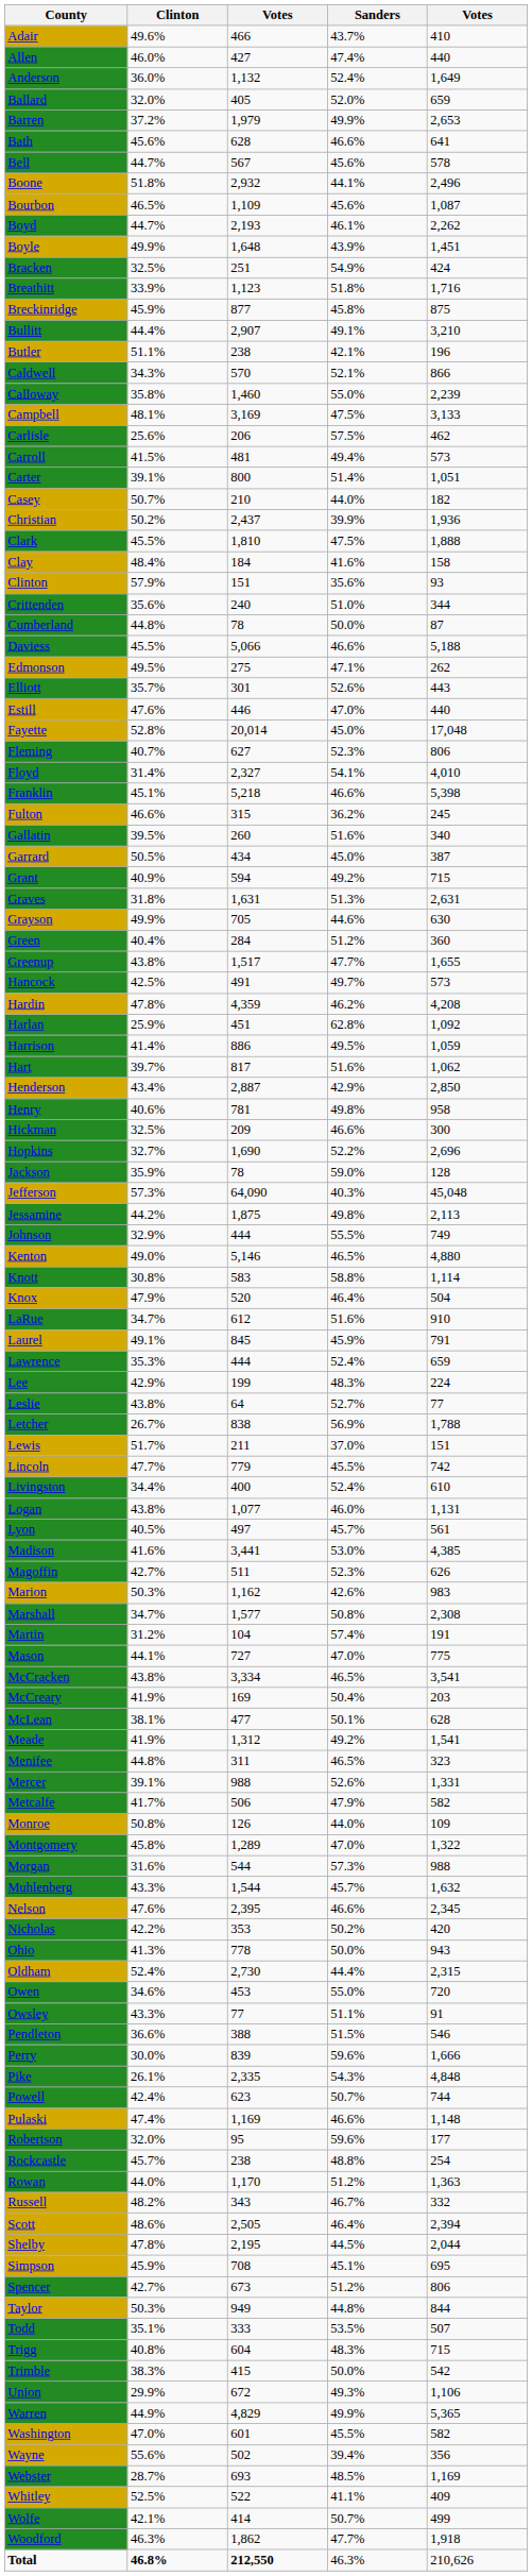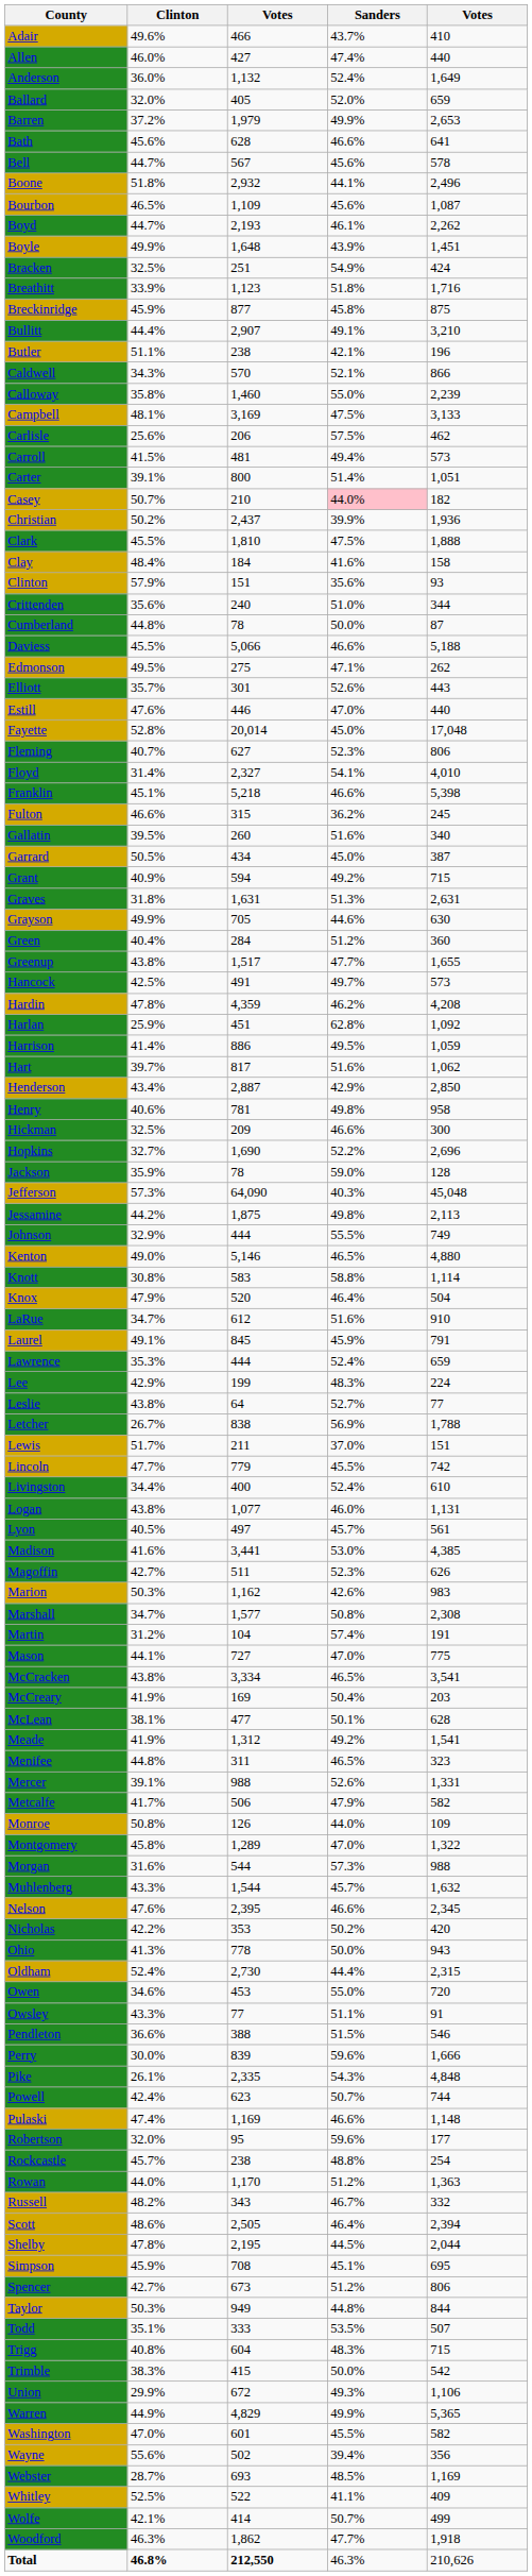 <table width="50%" class="wikitable sortable">
 <tr>
 <th width="10%">County</th>
 <th width="10%">Clinton</th>
 <th width="10%">Votes</th>
 <th width="10%">Sanders</th>
 <th width="10%">Votes</th>
 </tr>
 <tr>
 <td style="background:#D4AA00;"><a href='#'>Adair</a></td>
 <td>49.6%</td>
 <td>466</td>
 <td>43.7%</td>
 <td>410</td>
 </tr>
 <tr>
 <td style="background:#228b22;"><a href='#'>Allen</a></td>
 <td>46.0%</td>
 <td>427</td>
 <td>47.4%</td>
 <td>440</td>
 </tr>
 <tr>
 <td style="background:#228b22;"><a href='#'>Anderson</a></td>
 <td>36.0%</td>
 <td>1,132</td>
 <td>52.4%</td>
 <td>1,649</td>
 </tr>
 <tr>
 <td style="background:#228b22;"><a href='#'>Ballard</a></td>
 <td>32.0%</td>
 <td>405</td>
 <td>52.0%</td>
 <td>659</td>
 </tr>
 <tr>
 <td style="background:#228b22;"><a href='#'>Barren</a></td>
 <td>37.2%</td>
 <td>1,979</td>
 <td>49.9%</td>
 <td>2,653</td>
 </tr>
 <tr>
 <td style="background:#228b22;"><a href='#'>Bath</a></td>
 <td>45.6%</td>
 <td>628</td>
 <td>46.6%</td>
 <td>641</td>
 </tr>
 <tr>
 <td style="background:#228b22;"><a href='#'>Bell</a></td>
 <td>44.7%</td>
 <td>567</td>
 <td>45.6%</td>
 <td>578</td>
 </tr>
 <tr>
 <td style="background:#D4AA00;"><a href='#'>Boone</a></td>
 <td>51.8%</td>
 <td>2,932</td>
 <td>44.1%</td>
 <td>2,496</td>
 </tr>
 <tr>
 <td style="background:#D4AA00;"><a href='#'>Bourbon</a></td>
 <td>46.5%</td>
 <td>1,109</td>
 <td>45.6%</td>
 <td>1,087</td>
 </tr>
 <tr>
 <td style="background:#228b22;"><a href='#'>Boyd</a></td>
 <td>44.7%</td>
 <td>2,193</td>
 <td>46.1%</td>
 <td>2,262</td>
 </tr>
 <tr>
 <td style="background:#D4AA00;"><a href='#'>Boyle</a></td>
 <td>49.9%</td>
 <td>1,648</td>
 <td>43.9%</td>
 <td>1,451</td>
 </tr>
 <tr>
 <td style="background:#228b22;"><a href='#'>Bracken</a></td>
 <td>32.5%</td>
 <td>251</td>
 <td>54.9%</td>
 <td>424</td>
 </tr>
 <tr>
 <td style="background:#228b22;"><a href='#'>Breathitt</a></td>
 <td>33.9%</td>
 <td>1,123</td>
 <td>51.8%</td>
 <td>1,716</td>
 </tr>
 <tr>
 <td style="background:#D4AA00;"><a href='#'>Breckinridge</a></td>
 <td>45.9%</td>
 <td>877</td>
 <td>45.8%</td>
 <td>875</td>
 </tr>
 <tr>
 <td style="background:#228b22;"><a href='#'>Bullitt</a></td>
 <td>44.4%</td>
 <td>2,907</td>
 <td>49.1%</td>
 <td>3,210</td>
 </tr>
 <tr>
 <td style="background:#D4AA00;"><a href='#'>Butler</a></td>
 <td>51.1%</td>
 <td>238</td>
 <td>42.1%</td>
 <td>196</td>
 </tr>
 <tr>
 <td style="background:#228b22;"><a href='#'>Caldwell</a></td>
 <td>34.3%</td>
 <td>570</td>
 <td>52.1%</td>
 <td>866</td>
 </tr>
 <tr>
 <td style="background:#228b22;"><a href='#'>Calloway</a></td>
 <td>35.8%</td>
 <td>1,460</td>
 <td>55.0%</td>
 <td>2,239</td>
 </tr>
 <tr>
 <td style="background:#D4AA00;"><a href='#'>Campbell</a></td>
 <td>48.1%</td>
 <td>3,169</td>
 <td>47.5%</td>
 <td>3,133</td>
 </tr>
 <tr>
 <td style="background:#228b22;"><a href='#'>Carlisle</a></td>
 <td>25.6%</td>
 <td>206</td>
 <td>57.5%</td>
 <td>462</td>
 </tr>
 <tr>
 <td style="background:#228b22;"><a href='#'>Carroll</a></td>
 <td>41.5%</td>
 <td>481</td>
 <td>49.4%</td>
 <td>573</td>
 </tr>
 <tr>
 <td style="background:#228b22;"><a href='#'>Carter</a></td>
 <td>39.1%</td>
 <td>800</td>
 <td>51.4%</td>
 <td>1,051</td>
 </tr>
 <tr>
 <td style="background:#D4AA00;"><a href='#'>Casey</a></td>
 <td>50.7%</td>
 <td>210</td>
-<td>44.0%</td>
+<td style="background: pink;">44.0%</td>
 <td>182</td>
 </tr>
 <tr>
 <td style="background:#D4AA00;"><a href='#'>Christian</a></td>
 <td>50.2%</td>
 <td>2,437</td>
 <td>39.9%</td>
 <td>1,936</td>
 </tr>
 <tr>
 <td style="background:#228b22;"><a href='#'>Clark</a></td>
 <td>45.5%</td>
 <td>1,810</td>
 <td>47.5%</td>
 <td>1,888</td>
 </tr>
 <tr>
 <td style="background:#D4AA00;"><a href='#'>Clay</a></td>
 <td>48.4%</td>
 <td>184</td>
 <td>41.6%</td>
 <td>158</td>
 </tr>
 <tr>
 <td style="background:#D4AA00;"><a href='#'>Clinton</a></td>
 <td>57.9%</td>
 <td>151</td>
 <td>35.6%</td>
 <td>93</td>
 </tr>
 <tr>
 <td style="background:#228b22;"><a href='#'>Crittenden</a></td>
 <td>35.6%</td>
 <td>240</td>
 <td>51.0%</td>
 <td>344</td>
 </tr>
 <tr>
 <td style="background:#228b22;"><a href='#'>Cumberland</a></td>
 <td>44.8%</td>
 <td>78</td>
 <td>50.0%</td>
 <td>87</td>
 </tr>
 <tr>
 <td style="background:#228b22;"><a href='#'>Daviess</a></td>
 <td>45.5%</td>
 <td>5,066</td>
 <td>46.6%</td>
 <td>5,188</td>
 </tr>
 <tr>
 <td style="background:#D4AA00;"><a href='#'>Edmonson</a></td>
 <td>49.5%</td>
 <td>275</td>
 <td>47.1%</td>
 <td>262</td>
 </tr>
 <tr>
 <td style="background:#228b22;"><a href='#'>Elliott</a></td>
 <td>35.7%</td>
 <td>301</td>
 <td>52.6%</td>
 <td>443</td>
 </tr>
 <tr>
 <td style="background:#D4AA00;"><a href='#'>Estill</a></td>
 <td>47.6%</td>
 <td>446</td>
 <td>47.0%</td>
 <td>440</td>
 </tr>
 <tr>
 <td style="background:#D4AA00;"><a href='#'>Fayette</a></td>
 <td>52.8%</td>
 <td>20,014</td>
 <td>45.0%</td>
 <td>17,048</td>
 </tr>
 <tr>
 <td style="background:#228b22;"><a href='#'>Fleming</a></td>
 <td>40.7%</td>
 <td>627</td>
 <td>52.3%</td>
 <td>806</td>
 </tr>
 <tr>
 <td style="background:#228b22;"><a href='#'>Floyd</a></td>
 <td>31.4%</td>
 <td>2,327</td>
 <td>54.1%</td>
 <td>4,010</td>
 </tr>
 <tr>
 <td style="background:#228b22;"><a href='#'>Franklin</a></td>
 <td>45.1%</td>
 <td>5,218</td>
 <td>46.6%</td>
 <td>5,398</td>
 </tr>
 <tr>
 <td style="background:#D4AA00;"><a href='#'>Fulton</a></td>
 <td>46.6%</td>
 <td>315</td>
 <td>36.2%</td>
 <td>245</td>
 </tr>
 <tr>
 <td style="background:#228b22;"><a href='#'>Gallatin</a></td>
 <td>39.5%</td>
 <td>260</td>
 <td>51.6%</td>
 <td>340</td>
 </tr>
 <tr>
 <td style="background:#D4AA00;"><a href='#'>Garrard</a></td>
 <td>50.5%</td>
 <td>434</td>
 <td>45.0%</td>
 <td>387</td>
 </tr>
 <tr>
 <td style="background:#228b22;"><a href='#'>Grant</a></td>
 <td>40.9%</td>
 <td>594</td>
 <td>49.2%</td>
 <td>715</td>
 </tr>
 <tr>
 <td style="background:#228b22;"><a href='#'>Graves</a></td>
 <td>31.8%</td>
 <td>1,631</td>
 <td>51.3%</td>
 <td>2,631</td>
 </tr>
 <tr>
 <td style="background:#D4AA00;"><a href='#'>Grayson</a></td>
 <td>49.9%</td>
 <td>705</td>
 <td>44.6%</td>
 <td>630</td>
 </tr>
 <tr>
 <td style="background:#228b22;"><a href='#'>Green</a></td>
 <td>40.4%</td>
 <td>284</td>
 <td>51.2%</td>
 <td>360</td>
 </tr>
 <tr>
 <td style="background:#228b22;"><a href='#'>Greenup</a></td>
 <td>43.8%</td>
 <td>1,517</td>
 <td>47.7%</td>
 <td>1,655</td>
 </tr>
 <tr>
 <td style="background:#228b22;"><a href='#'>Hancock</a></td>
 <td>42.5%</td>
 <td>491</td>
 <td>49.7%</td>
 <td>573</td>
 </tr>
 <tr>
 <td style="background:#D4AA00;"><a href='#'>Hardin</a></td>
 <td>47.8%</td>
 <td>4,359</td>
 <td>46.2%</td>
 <td>4,208</td>
 </tr>
 <tr>
 <td style="background:#228b22;"><a href='#'>Harlan</a></td>
 <td>25.9%</td>
 <td>451</td>
 <td>62.8%</td>
 <td>1,092</td>
 </tr>
 <tr>
 <td style="background:#228b22;"><a href='#'>Harrison</a></td>
 <td>41.4%</td>
 <td>886</td>
 <td>49.5%</td>
 <td>1,059</td>
 </tr>
 <tr>
 <td style="background:#228b22;"><a href='#'>Hart</a></td>
 <td>39.7%</td>
 <td>817</td>
 <td>51.6%</td>
 <td>1,062</td>
 </tr>
 <tr>
 <td style="background:#D4AA00;"><a href='#'>Henderson</a></td>
 <td>43.4%</td>
 <td>2,887</td>
 <td>42.9%</td>
 <td>2,850</td>
 </tr>
 <tr>
 <td style="background:#228b22;"><a href='#'>Henry</a></td>
 <td>40.6%</td>
 <td>781</td>
 <td>49.8%</td>
 <td>958</td>
 </tr>
 <tr>
 <td style="background:#228b22;"><a href='#'>Hickman</a></td>
 <td>32.5%</td>
 <td>209</td>
 <td>46.6%</td>
 <td>300</td>
 </tr>
 <tr>
 <td style="background:#228b22;"><a href='#'>Hopkins</a></td>
 <td>32.7%</td>
 <td>1,690</td>
 <td>52.2%</td>
 <td>2,696</td>
 </tr>
 <tr>
 <td style="background:#228b22;"><a href='#'>Jackson</a></td>
 <td>35.9%</td>
 <td>78</td>
 <td>59.0%</td>
 <td>128</td>
 </tr>
 <tr>
 <td style="background:#D4AA00;"><a href='#'>Jefferson</a></td>
 <td>57.3%</td>
 <td>64,090</td>
 <td>40.3%</td>
 <td>45,048</td>
 </tr>
 <tr>
 <td style="background:#228b22;"><a href='#'>Jessamine</a></td>
 <td>44.2%</td>
 <td>1,875</td>
 <td>49.8%</td>
 <td>2,113</td>
 </tr>
 <tr>
 <td style="background:#228b22;"><a href='#'>Johnson</a></td>
 <td>32.9%</td>
 <td>444</td>
 <td>55.5%</td>
 <td>749</td>
 </tr>
 <tr>
 <td style="background:#D4AA00;"><a href='#'>Kenton</a></td>
 <td>49.0%</td>
 <td>5,146</td>
 <td>46.5%</td>
 <td>4,880</td>
 </tr>
 <tr>
 <td style="background:#228b22;"><a href='#'>Knott</a></td>
 <td>30.8%</td>
 <td>583</td>
 <td>58.8%</td>
 <td>1,114</td>
 </tr>
 <tr>
 <td style="background:#D4AA00;"><a href='#'>Knox</a></td>
 <td>47.9%</td>
 <td>520</td>
 <td>46.4%</td>
 <td>504</td>
 </tr>
 <tr>
 <td style="background:#228b22;"><a href='#'>LaRue</a></td>
 <td>34.7%</td>
 <td>612</td>
 <td>51.6%</td>
 <td>910</td>
 </tr>
 <tr>
 <td style="background:#D4AA00;"><a href='#'>Laurel</a></td>
 <td>49.1%</td>
 <td>845</td>
 <td>45.9%</td>
 <td>791</td>
 </tr>
 <tr>
 <td style="background:#228b22;"><a href='#'>Lawrence</a></td>
 <td>35.3%</td>
 <td>444</td>
 <td>52.4%</td>
 <td>659</td>
 </tr>
 <tr>
 <td style="background:#228b22;"><a href='#'>Lee</a></td>
 <td>42.9%</td>
 <td>199</td>
 <td>48.3%</td>
 <td>224</td>
 </tr>
 <tr>
 <td style="background:#228b22;"><a href='#'>Leslie</a></td>
 <td>43.8%</td>
 <td>64</td>
 <td>52.7%</td>
 <td>77</td>
 </tr>
 <tr>
 <td style="background:#228b22;"><a href='#'>Letcher</a></td>
 <td>26.7%</td>
 <td>838</td>
 <td>56.9%</td>
 <td>1,788</td>
 </tr>
 <tr>
 <td style="background:#D4AA00;"><a href='#'>Lewis</a></td>
 <td>51.7%</td>
 <td>211</td>
 <td>37.0%</td>
 <td>151</td>
 </tr>
 <tr>
 <td style="background:#D4AA00;"><a href='#'>Lincoln</a></td>
 <td>47.7%</td>
 <td>779</td>
 <td>45.5%</td>
 <td>742</td>
 </tr>
 <tr>
 <td style="background:#228b22;"><a href='#'>Livingston</a></td>
 <td>34.4%</td>
 <td>400</td>
 <td>52.4%</td>
 <td>610</td>
 </tr>
 <tr>
 <td style="background:#228b22;"><a href='#'>Logan</a></td>
 <td>43.8%</td>
 <td>1,077</td>
 <td>46.0%</td>
 <td>1,131</td>
 </tr>
 <tr>
 <td style="background:#228b22;"><a href='#'>Lyon</a></td>
 <td>40.5%</td>
 <td>497</td>
 <td>45.7%</td>
 <td>561</td>
 </tr>
 <tr>
 <td style="background:#228b22;"><a href='#'>Madison</a></td>
 <td>41.6%</td>
 <td>3,441</td>
 <td>53.0%</td>
 <td>4,385</td>
 </tr>
 <tr>
 <td style="background:#228b22;"><a href='#'>Magoffin</a></td>
 <td>42.7%</td>
 <td>511</td>
 <td>52.3%</td>
 <td>626</td>
 </tr>
 <tr>
 <td style="background:#D4AA00;"><a href='#'>Marion</a></td>
 <td>50.3%</td>
 <td>1,162</td>
 <td>42.6%</td>
 <td>983</td>
 </tr>
 <tr>
 <td style="background:#228b22;"><a href='#'>Marshall</a></td>
 <td>34.7%</td>
 <td>1,577</td>
 <td>50.8%</td>
 <td>2,308</td>
 </tr>
 <tr>
 <td style="background:#228b22;"><a href='#'>Martin</a></td>
 <td>31.2%</td>
 <td>104</td>
 <td>57.4%</td>
 <td>191</td>
 </tr>
 <tr>
 <td style="background:#228b22;"><a href='#'>Mason</a></td>
 <td>44.1%</td>
 <td>727</td>
 <td>47.0%</td>
 <td>775</td>
 </tr>
 <tr>
 <td style="background:#228b22;"><a href='#'>McCracken</a></td>
 <td>43.8%</td>
 <td>3,334</td>
 <td>46.5%</td>
 <td>3,541</td>
 </tr>
 <tr>
 <td style="background:#228b22;"><a href='#'>McCreary</a></td>
 <td>41.9%</td>
 <td>169</td>
 <td>50.4%</td>
 <td>203</td>
 </tr>
 <tr>
 <td style="background:#228b22;"><a href='#'>McLean</a></td>
 <td>38.1%</td>
 <td>477</td>
 <td>50.1%</td>
 <td>628</td>
 </tr>
 <tr>
 <td style="background:#228b22;"><a href='#'>Meade</a></td>
 <td>41.9%</td>
 <td>1,312</td>
 <td>49.2%</td>
 <td>1,541</td>
 </tr>
 <tr>
 <td style="background:#228b22;"><a href='#'>Menifee</a></td>
 <td>44.8%</td>
 <td>311</td>
 <td>46.5%</td>
 <td>323</td>
 </tr>
 <tr>
 <td style="background:#228b22;"><a href='#'>Mercer</a></td>
 <td>39.1%</td>
 <td>988</td>
 <td>52.6%</td>
 <td>1,331</td>
 </tr>
 <tr>
 <td style="background:#228b22;"><a href='#'>Metcalfe</a></td>
 <td>41.7%</td>
 <td>506</td>
 <td>47.9%</td>
 <td>582</td>
 </tr>
 <tr>
 <td style="background:#D4AA00;"><a href='#'>Monroe</a></td>
 <td>50.8%</td>
 <td>126</td>
 <td>44.0%</td>
 <td>109</td>
 </tr>
 <tr>
 <td style="background:#228b22;"><a href='#'>Montgomery</a></td>
 <td>45.8%</td>
 <td>1,289</td>
 <td>47.0%</td>
 <td>1,322</td>
 </tr>
 <tr>
 <td style="background:#228b22;"><a href='#'>Morgan</a></td>
 <td>31.6%</td>
 <td>544</td>
 <td>57.3%</td>
 <td>988</td>
 </tr>
 <tr>
 <td style="background:#228b22;"><a href='#'>Muhlenberg</a></td>
 <td>43.3%</td>
 <td>1,544</td>
 <td>45.7%</td>
 <td>1,632</td>
 </tr>
 <tr>
 <td style="background:#D4AA00;"><a href='#'>Nelson</a></td>
 <td>47.6%</td>
 <td>2,395</td>
 <td>46.6%</td>
 <td>2,345</td>
 </tr>
 <tr>
 <td style="background:#228b22;"><a href='#'>Nicholas</a></td>
 <td>42.2%</td>
 <td>353</td>
 <td>50.2%</td>
 <td>420</td>
 </tr>
 <tr>
 <td style="background:#228b22;"><a href='#'>Ohio</a></td>
 <td>41.3%</td>
 <td>778</td>
 <td>50.0%</td>
 <td>943</td>
 </tr>
 <tr>
 <td style="background:#D4AA00;"><a href='#'>Oldham</a></td>
 <td>52.4%</td>
 <td>2,730</td>
 <td>44.4%</td>
 <td>2,315</td>
 </tr>
 <tr>
 <td style="background:#228b22;"><a href='#'>Owen</a></td>
 <td>34.6%</td>
 <td>453</td>
 <td>55.0%</td>
 <td>720</td>
 </tr>
 <tr>
 <td style="background:#228b22;"><a href='#'>Owsley</a></td>
 <td>43.3%</td>
 <td>77</td>
 <td>51.1%</td>
 <td>91</td>
 </tr>
 <tr>
 <td style="background:#228b22;"><a href='#'>Pendleton</a></td>
 <td>36.6%</td>
 <td>388</td>
 <td>51.5%</td>
 <td>546</td>
 </tr>
 <tr>
 <td style="background:#228b22;"><a href='#'>Perry</a></td>
 <td>30.0%</td>
 <td>839</td>
 <td>59.6%</td>
 <td>1,666</td>
 </tr>
 <tr>
 <td style="background:#228b22;"><a href='#'>Pike</a></td>
 <td>26.1%</td>
 <td>2,335</td>
 <td>54.3%</td>
 <td>4,848</td>
 </tr>
 <tr>
 <td style="background:#228b22;"><a href='#'>Powell</a></td>
 <td>42.4%</td>
 <td>623</td>
 <td>50.7%</td>
 <td>744</td>
 </tr>
 <tr>
 <td style="background:#D4AA00;"><a href='#'>Pulaski</a></td>
 <td>47.4%</td>
 <td>1,169</td>
 <td>46.6%</td>
 <td>1,148</td>
 </tr>
 <tr>
 <td style="background:#228b22;"><a href='#'>Robertson</a></td>
 <td>32.0%</td>
 <td>95</td>
 <td>59.6%</td>
 <td>177</td>
 </tr>
 <tr>
 <td style="background:#228b22;"><a href='#'>Rockcastle</a></td>
 <td>45.7%</td>
 <td>238</td>
 <td>48.8%</td>
 <td>254</td>
 </tr>
 <tr>
 <td style="background:#228b22;"><a href='#'>Rowan</a></td>
 <td>44.0%</td>
 <td>1,170</td>
 <td>51.2%</td>
 <td>1,363</td>
 </tr>
 <tr>
 <td style="background:#D4AA00;"><a href='#'>Russell</a></td>
 <td>48.2%</td>
 <td>343</td>
 <td>46.7%</td>
 <td>332</td>
 </tr>
 <tr>
 <td style="background:#D4AA00;"><a href='#'>Scott</a></td>
 <td>48.6%</td>
 <td>2,505</td>
 <td>46.4%</td>
 <td>2,394</td>
 </tr>
 <tr>
 <td style="background:#D4AA00;"><a href='#'>Shelby</a></td>
 <td>47.8%</td>
 <td>2,195</td>
 <td>44.5%</td>
 <td>2,044</td>
 </tr>
 <tr>
 <td style="background:#D4AA00;"><a href='#'>Simpson</a></td>
 <td>45.9%</td>
 <td>708</td>
 <td>45.1%</td>
 <td>695</td>
 </tr>
 <tr>
 <td style="background:#228b22;"><a href='#'>Spencer</a></td>
 <td>42.7%</td>
 <td>673</td>
 <td>51.2%</td>
 <td>806</td>
 </tr>
 <tr>
 <td style="background:#D4AA00;"><a href='#'>Taylor</a></td>
 <td>50.3%</td>
 <td>949</td>
 <td>44.8%</td>
 <td>844</td>
 </tr>
 <tr>
 <td style="background:#228b22;"><a href='#'>Todd</a></td>
 <td>35.1%</td>
 <td>333</td>
 <td>53.5%</td>
 <td>507</td>
 </tr>
 <tr>
 <td style="background:#228b22;"><a href='#'>Trigg</a></td>
 <td>40.8%</td>
 <td>604</td>
 <td>48.3%</td>
 <td>715</td>
 </tr>
 <tr>
 <td style="background:#228b22;"><a href='#'>Trimble</a></td>
 <td>38.3%</td>
 <td>415</td>
 <td>50.0%</td>
 <td>542</td>
 </tr>
 <tr>
 <td style="background:#228b22;"><a href='#'>Union</a></td>
 <td>29.9%</td>
 <td>672</td>
 <td>49.3%</td>
 <td>1,106</td>
 </tr>
 <tr>
 <td style="background:#228b22;"><a href='#'>Warren</a></td>
 <td>44.9%</td>
 <td>4,829</td>
 <td>49.9%</td>
 <td>5,365</td>
 </tr>
 <tr>
 <td style="background:#D4AA00;"><a href='#'>Washington</a></td>
 <td>47.0%</td>
 <td>601</td>
 <td>45.5%</td>
 <td>582</td>
 </tr>
 <tr>
 <td style="background:#D4AA00;"><a href='#'>Wayne</a></td>
 <td>55.6%</td>
 <td>502</td>
 <td>39.4%</td>
 <td>356</td>
 </tr>
 <tr>
 <td style="background:#228b22;"><a href='#'>Webster</a></td>
 <td>28.7%</td>
 <td>693</td>
 <td>48.5%</td>
 <td>1,169</td>
 </tr>
 <tr>
 <td style="background:#D4AA00;"><a href='#'>Whitley</a></td>
 <td>52.5%</td>
 <td>522</td>
 <td>41.1%</td>
 <td>409</td>
 </tr>
 <tr>
 <td style="background:#228b22;"><a href='#'>Wolfe</a></td>
 <td>42.1%</td>
 <td>414</td>
 <td>50.7%</td>
 <td>499</td>
 </tr>
 <tr>
 <td style="background:#228b22;"><a href='#'>Woodford</a></td>
 <td>46.3%</td>
 <td>1,862</td>
 <td>47.7%</td>
 <td>1,918</td>
 </tr>
 <tr>
 <td><strong>Total</strong></td>
 <td><strong>46.8%</strong></td>
 <td><strong>212,550</strong></td>
 <td>46.3%</td>
 <td>210,626</td>
 </tr>
 </table>
